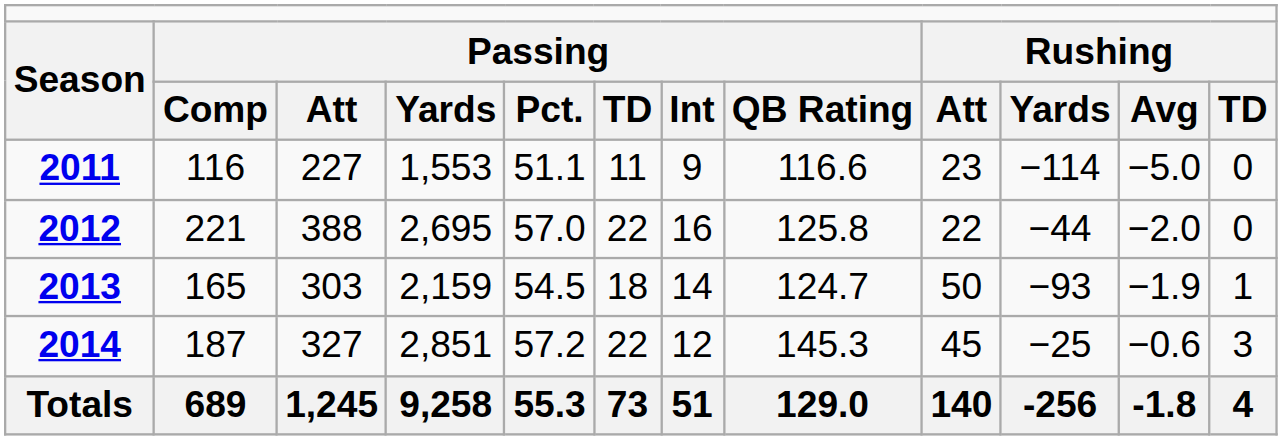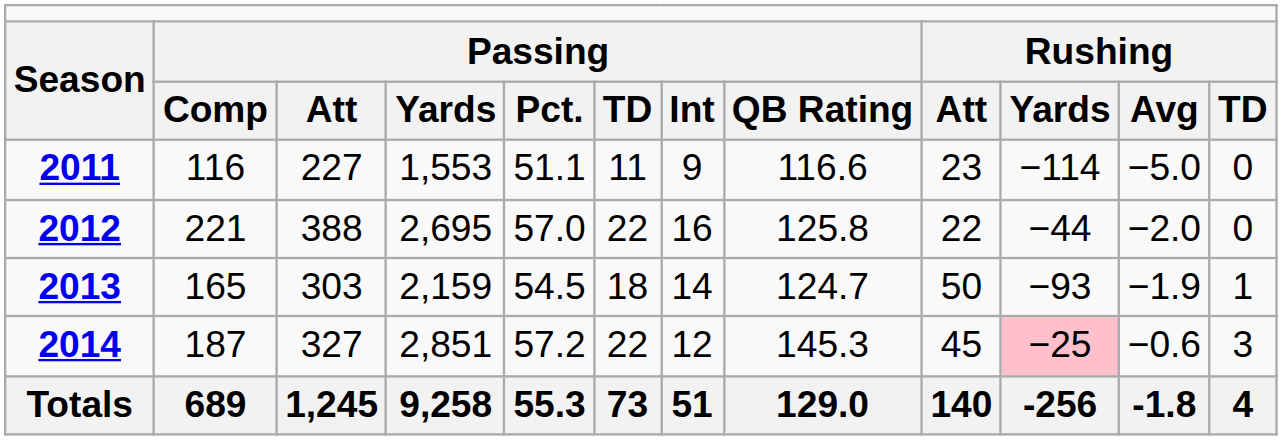 <table class=wikitable style="text-align:center;">
 <tr>
 <td ! colspan="12"></td>
 </tr>
 <tr>
 <th rowspan=2>Season</th>
 <th colspan=7>Passing</th>
 <th colspan=4>Rushing</th>
 </tr>
 <tr>
 <th>Comp</th>
 <th>Att</th>
 <th>Yards</th>
 <th>Pct.</th>
 <th>TD</th>
 <th>Int</th>
 <th>QB Rating</th>
 <th>Att</th>
 <th>Yards</th>
 <th>Avg</th>
 <th>TD</th>
 </tr>
 <tr>
 <td><strong><a href='#'>2011</a></strong></td>
 <td>116</td>
 <td>227</td>
 <td>1,553</td>
 <td>51.1</td>
 <td>11</td>
 <td>9</td>
 <td>116.6</td>
 <td>23</td>
 <td>−114</td>
 <td>−5.0</td>
 <td>0</td>
 </tr>
 <tr>
 <td><strong><a href='#'>2012</a></strong></td>
 <td>221</td>
 <td>388</td>
 <td>2,695</td>
 <td>57.0</td>
 <td>22</td>
 <td>16</td>
 <td>125.8</td>
 <td>22</td>
 <td>−44</td>
 <td>−2.0</td>
 <td>0</td>
 </tr>
 <tr>
 <td><strong><a href='#'>2013</a></strong></td>
 <td>165</td>
 <td>303</td>
 <td>2,159</td>
 <td>54.5</td>
 <td>18</td>
 <td>14</td>
 <td>124.7</td>
 <td>50</td>
 <td>−93</td>
 <td>−1.9</td>
 <td>1</td>
 </tr>
 <tr>
 <td><strong><a href='#'>2014</a></strong></td>
 <td>187</td>
 <td>327</td>
 <td>2,851</td>
 <td>57.2</td>
 <td>22</td>
 <td>12</td>
 <td>145.3</td>
 <td>45</td>
-<td>−25</td>
+<td style="background: pink;">−25</td>
 <td>−0.6</td>
 <td>3</td>
 </tr>
 <tr>
 <th>Totals</th>
 <th>689</th>
 <th>1,245</th>
 <th>9,258</th>
 <th>55.3</th>
 <th>73</th>
 <th>51</th>
 <th>129.0</th>
 <th>140</th>
 <th>-256</th>
 <th>-1.8</th>
 <th>4</th>
 </tr>
 </table>
